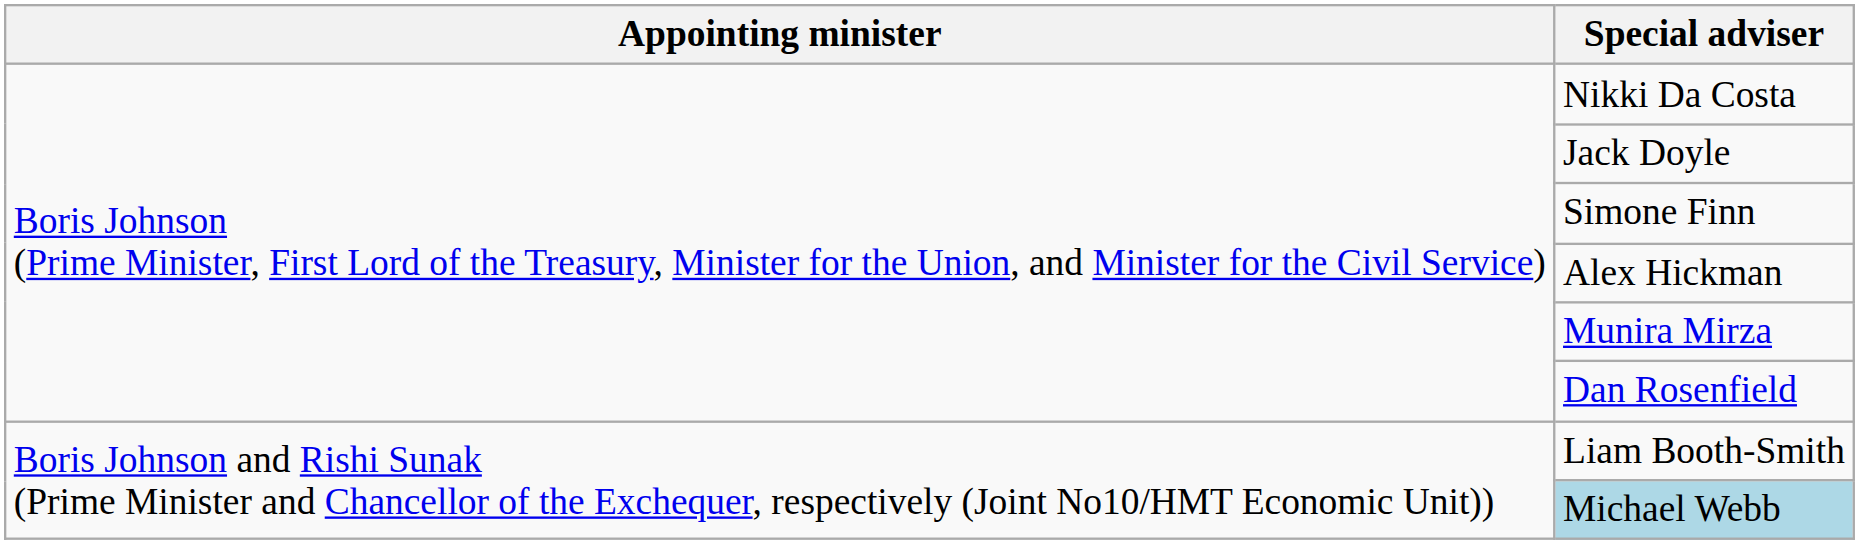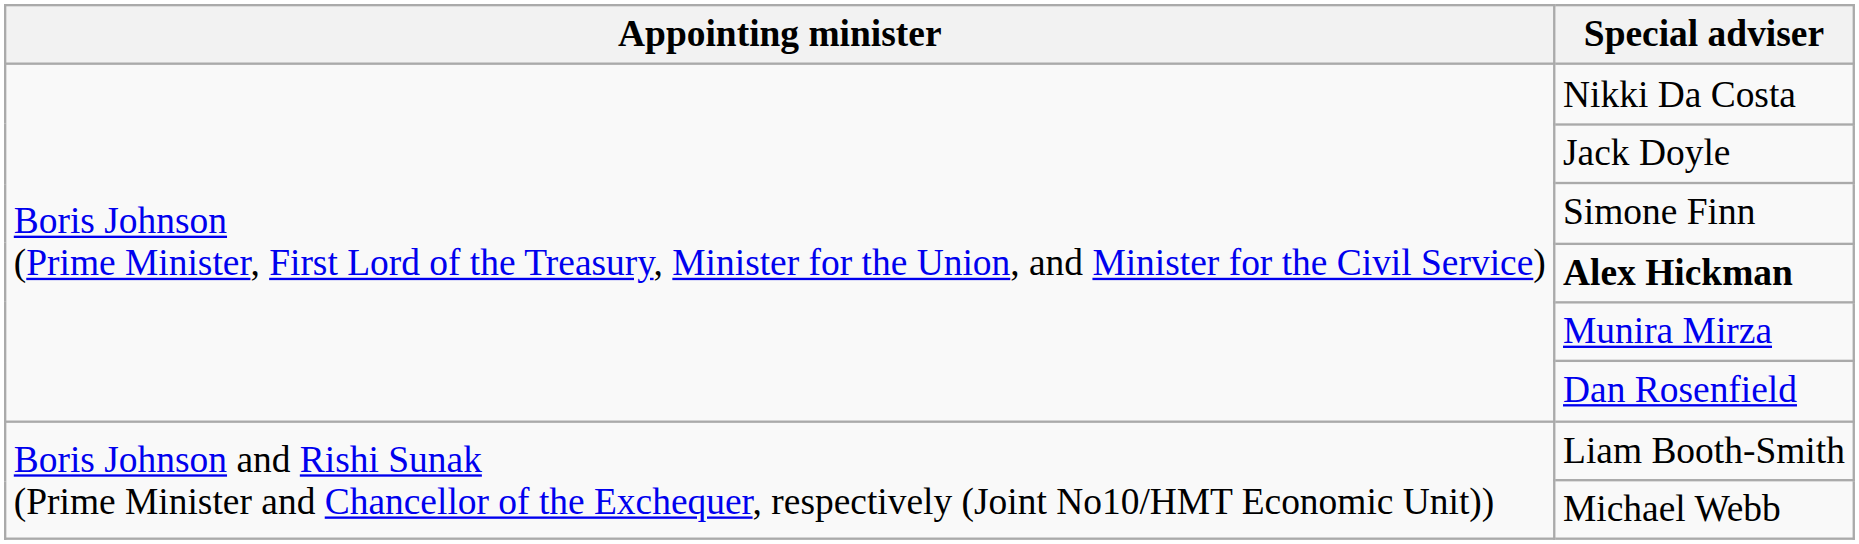 <table class="wikitable">
 <tr>
 <th>Appointing minister</th>
 <th>Special adviser</th>
 </tr>
 <tr>
 <td rowspan=6> <a href='#'>Boris Johnson</a> <br>(<a href='#'>Prime Minister</a>, <a href='#'>First Lord of the Treasury</a>, <a href='#'>Minister for the Union</a>, and <a href='#'>Minister for the Civil Service</a>)</td>
 <td>Nikki Da Costa</td>
 </tr>
 <tr>
 <td>Jack Doyle</td>
 </tr>
 <tr>
 <td>Simone Finn</td>
 </tr>
 <tr>
-<td>Alex Hickman</td>
+<td><strong>Alex Hickman</strong></td>
 </tr>
 <tr>
 <td><a href='#'>Munira Mirza</a></td>
 </tr>
 <tr>
 <td><a href='#'>Dan Rosenfield</a></td>
 </tr>
 <tr>
 <td rowspan=2> <a href='#'>Boris Johnson</a>  and  <a href='#'>Rishi Sunak</a> <br>(Prime Minister and <a href='#'>Chancellor of the Exchequer</a>, respectively (Joint No10/HMT Economic Unit))</td>
 <td>Liam Booth-Smith</td>
 </tr>
 <tr>
-<td style="background: lightblue;">Michael Webb</td>
+<td>Michael Webb</td>
 </tr>
 </table>
